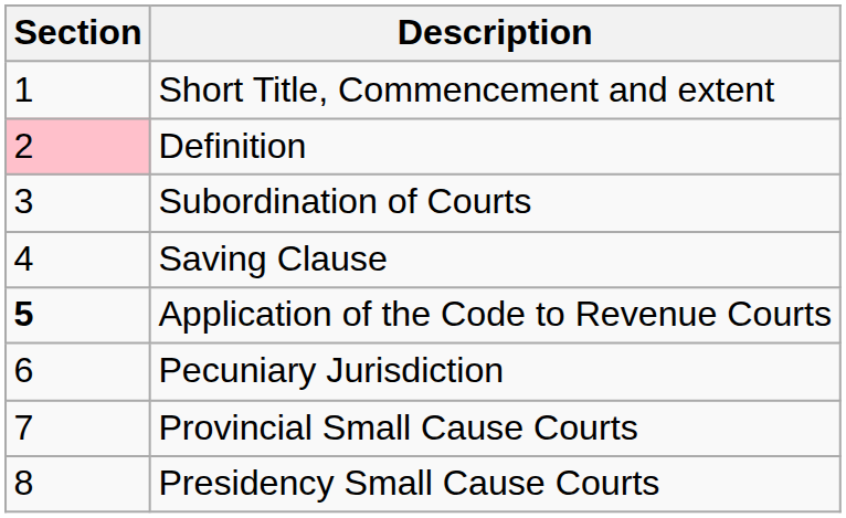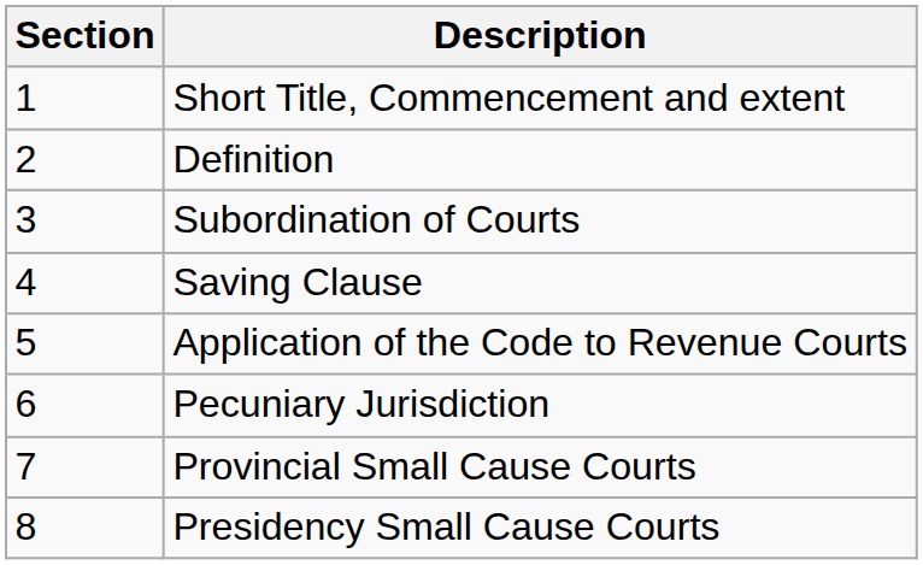 <table class="wikitable">
 <tr>
 <th>Section</th>
 <th>Description</th>
 </tr>
 <tr>
 <td>1</td>
 <td>Short Title, Commencement and extent</td>
 </tr>
 <tr>
-<td style="background: pink;">2</td>
+<td>2</td>
 <td>Definition</td>
 </tr>
 <tr>
 <td>3</td>
 <td>Subordination of Courts</td>
 </tr>
 <tr>
 <td>4</td>
 <td>Saving Clause</td>
 </tr>
 <tr>
-<td><strong>5</strong></td>
+<td>5</td>
 <td>Application of the Code to Revenue Courts</td>
 </tr>
 <tr>
 <td>6</td>
 <td>Pecuniary Jurisdiction</td>
 </tr>
 <tr>
 <td>7</td>
 <td>Provincial Small Cause Courts</td>
 </tr>
 <tr>
 <td>8</td>
 <td>Presidency Small Cause Courts</td>
 </tr>
 </table>
